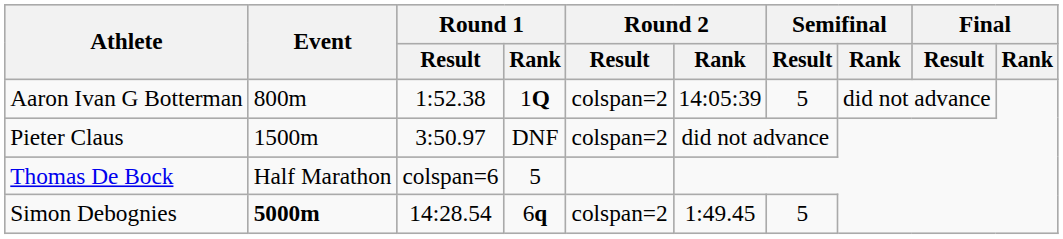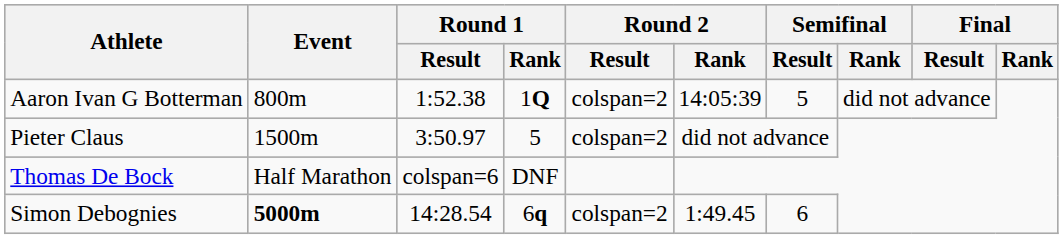 <table class="wikitable" style="font-size:90%">
 <tr>
 <th rowspan="2">Athlete</th>
 <th rowspan="2">Event</th>
 <th colspan="2">Round 1</th>
 <th colspan="2">Round 2</th>
 <th colspan="2">Semifinal</th>
 <th colspan="2">Final</th>
 </tr>
 <tr style="font-size:95%">
 <th>Result</th>
 <th>Rank</th>
 <th>Result</th>
 <th>Rank</th>
 <th>Result</th>
 <th>Rank</th>
 <th>Result</th>
 <th>Rank</th>
 </tr>
 <tr align=center>
 <td align=left>Aaron Ivan G Botterman</td>
 <td align=left>800m</td>
 <td>1:52.38</td>
 <td>1<strong>Q</strong></td>
 <td>colspan=2 </td>
 <td>14:05:39</td>
 <td>5</td>
 <td colspan=2>did not advance</td>
 </tr>
 <tr align=center>
 <td align=left>Pieter Claus</td>
 <td align=left>1500m</td>
 <td>3:50.97</td>
-<td>DNF</td>
+<td>5</td>
 <td>colspan=2 </td>
 <td colspan=2>did not advance</td>
 </tr>
 <tr align=center>
 <td align=left><a href='#'>Thomas De Bock</a></td>
 <td align=left>Half Marathon</td>
 <td>colspan=6 </td>
-<td>5</td>
+<td>DNF</td>
 <td></td>
 </tr>
 <tr align=center>
 <td align=left>Simon Debognies</td>
 <td align=left><strong>5000m</strong></td>
 <td>14:28.54</td>
 <td>6<strong>q</strong></td>
 <td>colspan=2 </td>
 <td>1:49.45</td>
-<td>5</td>
+<td>6</td>
 </tr>
 </table>
